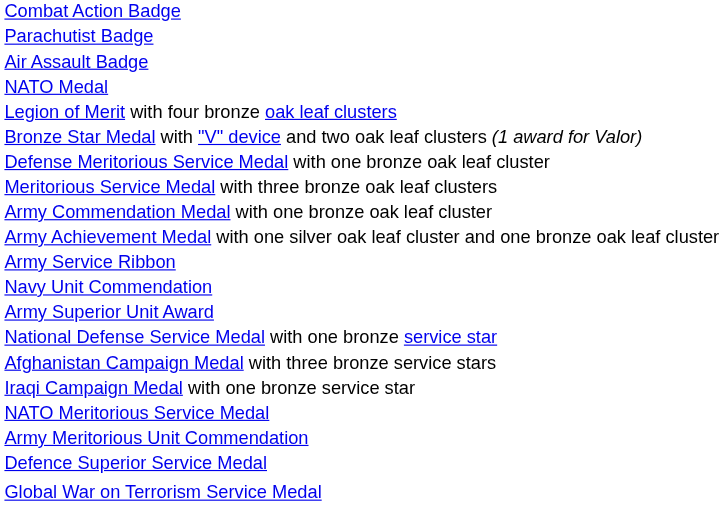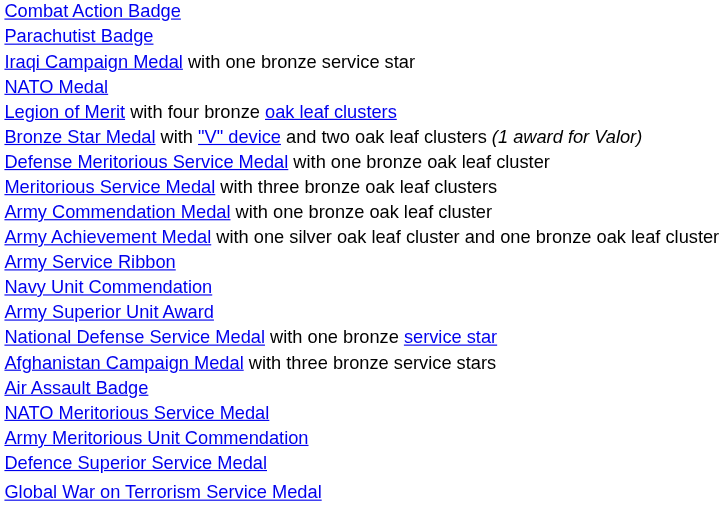 <table class="mw-collapsible">
 <tr>
 <td> <a href='#'>Combat Action Badge</a></td>
 </tr>
 <tr>
 <td><a href='#'>Parachutist Badge</a></td>
 </tr>
 <tr>
-<td>  <a href='#'>Air Assault Badge</a></td>
+<td> <a href='#'>Iraqi Campaign Medal</a> with one bronze service star</td>
 </tr>
 <tr>
 <td> <a href='#'>NATO Medal</a></td>
 </tr>
 <tr>
 <td> <a href='#'>Legion of Merit</a> with four bronze <a href='#'>oak leaf clusters</a></td>
 </tr>
 <tr>
 <td> <a href='#'>Bronze Star Medal</a> with <a href='#'>"V" device</a> and two oak leaf clusters <em>(1 award for Valor)</em></td>
 </tr>
 <tr>
 <td> <a href='#'>Defense Meritorious Service Medal</a> with one bronze oak leaf cluster</td>
 </tr>
 <tr>
 <td> <a href='#'>Meritorious Service Medal</a> with three bronze oak leaf clusters</td>
 </tr>
 <tr>
 <td> <a href='#'>Army Commendation Medal</a> with one bronze oak leaf cluster</td>
 </tr>
 <tr>
 <td> <a href='#'>Army Achievement Medal</a> with one silver oak leaf cluster and one bronze oak leaf cluster</td>
 </tr>
 <tr>
 <td> <a href='#'>Army Service Ribbon</a></td>
 </tr>
 <tr>
 <td> <a href='#'>Navy Unit Commendation</a></td>
 </tr>
 <tr>
 <td> <a href='#'>Army Superior Unit Award</a></td>
 </tr>
 <tr>
 <td> <a href='#'>National Defense Service Medal</a> with one bronze <a href='#'>service star</a></td>
 </tr>
 <tr>
 <td> <a href='#'>Afghanistan Campaign Medal</a> with three bronze service stars</td>
 </tr>
 <tr>
-<td> <a href='#'>Iraqi Campaign Medal</a> with one bronze service star</td>
+<td>  <a href='#'>Air Assault Badge</a></td>
 </tr>
 <tr>
 <td><a href='#'>NATO Meritorious Service Medal</a></td>
 </tr>
 <tr>
 <td> <a href='#'>Army Meritorious Unit Commendation</a></td>
 </tr>
 <tr>
 <td>  <a href='#'>Defence Superior Service Medal</a></td>
 </tr>
 <tr>
 <td></td>
 </tr>
 <tr>
 <td> <a href='#'>Global War on Terrorism Service Medal</a></td>
 </tr>
 </table>
